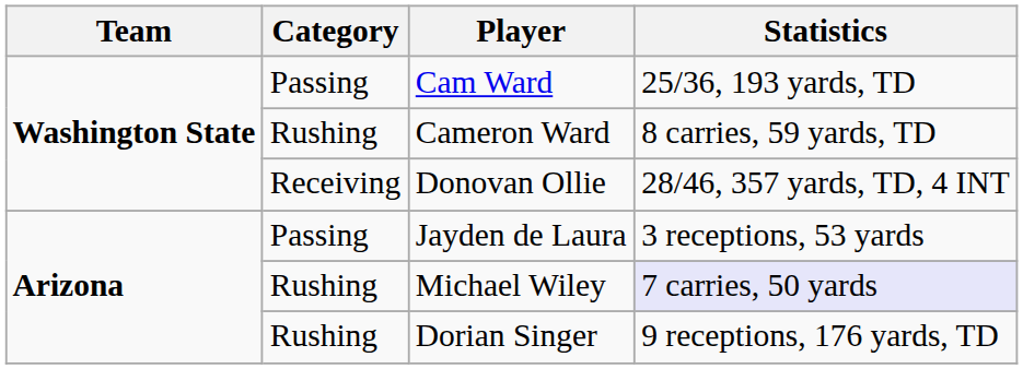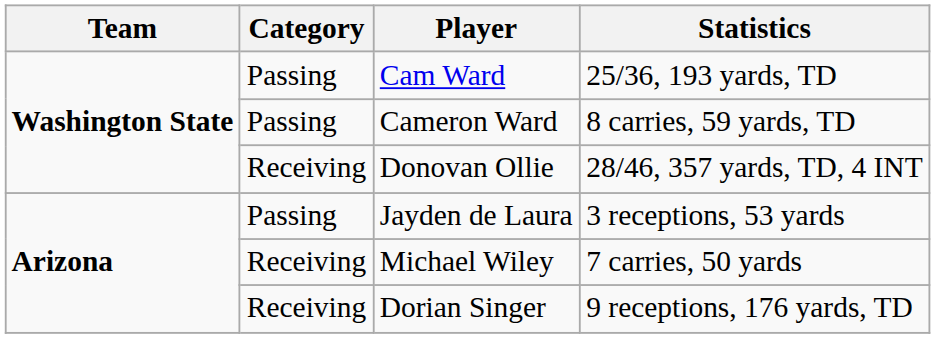 <table class="wikitable" style="float: right;">
 <tr>
 <th>Team</th>
 <th>Category</th>
 <th>Player</th>
 <th>Statistics</th>
 </tr>
 <tr>
 <td rowspan=3><strong>Washington State</strong></td>
 <td>Passing</td>
 <td><a href='#'>Cam Ward</a></td>
 <td>25/36, 193 yards, TD</td>
 </tr>
 <tr>
-<td>Rushing</td>
+<td>Passing</td>
 <td>Cameron Ward</td>
 <td>8 carries, 59 yards, TD</td>
 </tr>
 <tr>
 <td>Receiving</td>
 <td>Donovan Ollie</td>
 <td>28/46, 357 yards, TD, 4 INT</td>
 </tr>
 <tr>
 <td rowspan=3><strong>Arizona</strong></td>
 <td>Passing</td>
 <td>Jayden de Laura</td>
 <td>3 receptions, 53 yards</td>
 </tr>
 <tr>
-<td>Rushing</td>
+<td>Receiving</td>
 <td>Michael Wiley</td>
-<td style="background: lavender;">7 carries, 50 yards</td>
+<td>7 carries, 50 yards</td>
 </tr>
 <tr>
-<td>Rushing</td>
+<td>Receiving</td>
 <td>Dorian Singer</td>
 <td>9 receptions, 176 yards, TD</td>
 </tr>
 </table>
